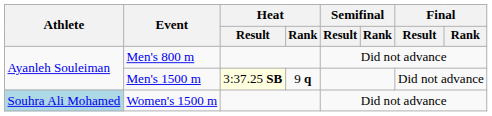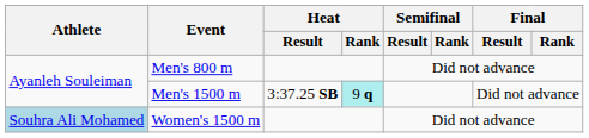 <table class="wikitable" style="font-size:90%">
 <tr>
 <th rowspan="2">Athlete</th>
 <th rowspan="2">Event</th>
 <th colspan="2">Heat</th>
 <th colspan="2">Semifinal</th>
 <th colspan="2">Final</th>
 </tr>
 <tr style="font-size:95%">
 <th>Result</th>
 <th>Rank</th>
 <th>Result</th>
 <th>Rank</th>
 <th>Result</th>
 <th>Rank</th>
 </tr>
 <tr align=center>
 <td align=left rowspan=2><a href='#'>Ayanleh Souleiman</a></td>
 <td align=left><a href='#'>Men's 800 m</a></td>
 <td colspan=2></td>
 <td colspan="4">Did not advance</td>
 </tr>
 <tr align=center>
 <td align=left><a href='#'>Men's 1500 m</a></td>
-<td style="background: lightyellow;">3:37.25 <strong>SB</strong></td>
-<td>9 <strong>q</strong></td>
+<td>3:37.25 <strong>SB</strong></td>
+<td style="background: paleturquoise;">9 <strong>q</strong></td>
 <td colspan=2></td>
 <td colspan="2">Did not advance</td>
 </tr>
 <tr align=center>
 <td align=left style="background: lightblue;"><a href='#'>Souhra Ali Mohamed</a></td>
 <td align=left><a href='#'>Women's 1500 m</a></td>
 <td colspan=2></td>
 <td colspan=4>Did not advance</td>
 </tr>
 </table>
